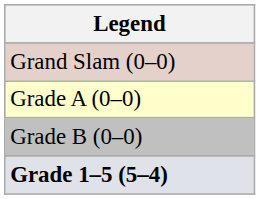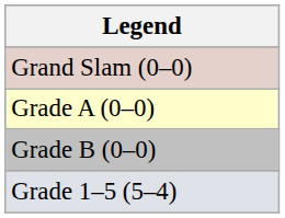 <table class="wikitable" style="font-size:90%">
 <tr>
 <th width=150>Legend</th>
 </tr>
 <tr style="background:#e5d1cb;">
 <td width=150>Grand Slam (0–0)</td>
 </tr>
 <tr style="background:#ffc;">
 <td width=150>Grade A (0–0)</td>
 </tr>
 <tr style="background:silver;">
 <td width=150>Grade B (0–0)</td>
 </tr>
 <tr style="background:#dfe2e9;">
-<td width=150><strong>Grade 1–5 (5–4)</strong></td>
+<td width=150>Grade 1–5 (5–4)</td>
 </tr>
 </table>
